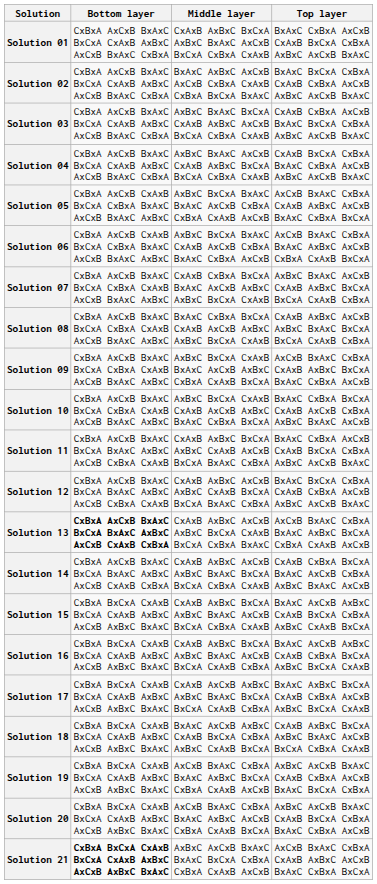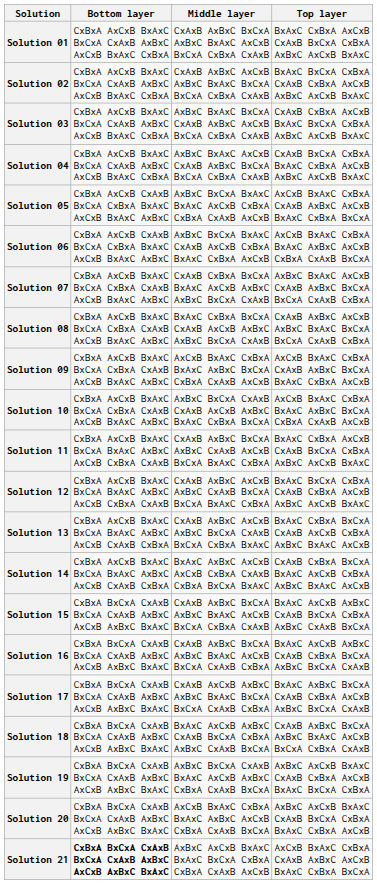 <table class='wikitable' align='center' style="font-family:'Consolas','Inconsolata','Courier New','DejaVu Sans Mono','monospace'">
 <tr>
 <th>Solution</th>
 <th>Bottom layer</th>
 <th>Middle layer</th>
 <th>Top layer</th>
 </tr>
 <tr>
 <th>Solution 01</th>
 <td align="center">CxBxA AxCxB BxAxC<br>BxCxA CxAxB AxBxC<br>AxCxB BxAxC CxBxA</td>
 <td align="center">CxAxB AxBxC BxCxA<br>AxBxC BxAxC AxCxB<br>BxCxA CxBxA CxAxB</td>
 <td align="center">BxAxC CxBxA AxCxB<br>CxAxB BxCxA CxBxA<br>AxBxC AxCxB BxAxC</td>
 </tr>
 <tr>
 <th>Solution 02</th>
 <td align="center">CxBxA AxCxB BxAxC<br>BxCxA CxAxB AxBxC<br>AxCxB BxAxC CxBxA</td>
-<td align="center">BxAxC AxBxC AxCxB<br>AxCxB CxBxA CxAxB<br>CxBxA BxCxA BxAxC</td>
+<td align="center">CxAxB AxBxC AxCxB<br>AxBxC BxAxC BxCxA<br>BxCxA CxBxA CxAxB</td>
 <td align="center">BxAxC BxCxA CxBxA<br>CxAxB CxBxA AxCxB<br>AxBxC AxCxB BxAxC</td>
 </tr>
 <tr>
 <th>Solution 03</th>
 <td align="center">CxBxA AxCxB BxAxC<br>BxCxA CxAxB AxBxC<br>AxCxB BxAxC CxBxA</td>
 <td align="center">AxBxC BxAxC BxCxA<br>CxAxB AxBxC AxCxB<br>BxCxA CxBxA CxAxB</td>
 <td align="center">CxAxB CxBxA AxCxB<br>BxAxC BxCxA CxBxA<br>AxBxC AxCxB BxAxC</td>
 </tr>
 <tr>
 <th>Solution 04</th>
 <td align="center">CxBxA AxCxB BxAxC<br>BxCxA CxAxB AxBxC<br>AxCxB BxAxC CxBxA</td>
 <td align="center">AxBxC BxAxC AxCxB<br>CxAxB AxBxC BxCxA<br>BxCxA CxBxA CxAxB</td>
 <td align="center">CxAxB BxCxA CxBxA<br>BxAxC CxBxA AxCxB<br>AxBxC AxCxB BxAxC</td>
 </tr>
 <tr>
 <th>Solution 05</th>
 <td align="center">CxBxA AxCxB CxAxB<br>BxCxA CxBxA BxAxC<br>AxCxB BxAxC AxBxC</td>
 <td align="center">AxBxC BxCxA BxAxC<br>BxAxC AxCxB CxBxA<br>CxBxA CxAxB AxCxB</td>
 <td align="center">AxCxB BxAxC CxBxA<br>CxAxB AxBxC AxCxB<br>BxAxC CxBxA BxCxA</td>
 </tr>
 <tr>
 <th>Solution 06</th>
 <td align="center">CxBxA AxCxB CxAxB<br>BxCxA CxBxA BxAxC<br>AxCxB BxAxC AxBxC</td>
 <td align="center">AxBxC BxCxA BxAxC<br>CxAxB AxCxB CxBxA<br>BxAxC CxBxA AxCxB</td>
 <td align="center">AxCxB BxAxC CxBxA<br>BxAxC AxBxC AxCxB<br>CxBxA CxAxB BxCxA</td>
 </tr>
 <tr>
 <th>Solution 07</th>
 <td align="center">CxBxA AxCxB BxAxC<br>BxCxA CxBxA CxAxB<br>AxCxB BxAxC AxBxC</td>
 <td align="center">CxAxB CxBxA BxCxA<br>BxAxC AxCxB AxBxC<br>AxBxC BxCxA CxAxB</td>
 <td align="center">AxBxC BxAxC AxCxB<br>CxAxB AxBxC BxCxA<br>BxCxA CxAxB CxBxA</td>
 </tr>
 <tr>
 <th>Solution 08</th>
 <td align="center">CxBxA AxCxB BxAxC<br>BxCxA CxBxA CxAxB<br>AxCxB BxAxC AxBxC</td>
 <td align="center">BxAxC CxBxA BxCxA<br>CxAxB AxCxB AxBxC<br>AxBxC BxCxA CxAxB</td>
 <td align="center">CxAxB AxBxC AxCxB<br>AxBxC BxAxC BxCxA<br>BxCxA CxAxB CxBxA</td>
 </tr>
 <tr>
 <th>Solution 09</th>
 <td align="center">CxBxA AxCxB BxAxC<br>BxCxA CxBxA CxAxB<br>AxCxB BxAxC AxBxC</td>
-<td align="center">AxBxC BxCxA CxAxB<br>BxAxC AxCxB AxBxC<br>CxBxA CxAxB BxCxA</td>
+<td align="center">AxCxB BxAxC CxBxA<br>BxAxC AxBxC BxCxA<br>CxBxA CxAxB AxCxB</td>
 <td align="center">AxCxB BxAxC CxBxA<br>CxAxB AxBxC BxCxA<br>BxAxC CxBxA AxCxB</td>
 </tr>
 <tr>
 <th>Solution 10</th>
 <td align="center">CxBxA AxCxB BxAxC<br>BxCxA CxBxA CxAxB<br>AxCxB BxAxC AxBxC</td>
 <td align="center">AxBxC BxCxA CxAxB<br>CxAxB AxCxB AxBxC<br>BxAxC CxBxA BxCxA</td>
-<td align="center">BxAxC CxBxA BxCxA<br>CxAxB AxCxB CxBxA<br>AxBxC BxAxC AxCxB</td>
+<td align="center">AxCxB BxAxC CxBxA<br>BxAxC AxBxC BxCxA<br>CxBxA CxAxB AxCxB</td>
 </tr>
 <tr>
 <th>Solution 11</th>
 <td align="center">CxBxA AxCxB BxAxC<br>BxCxA BxAxC AxBxC<br>AxCxB CxBxA CxAxB</td>
 <td align="center">CxAxB AxBxC BxCxA<br>AxBxC CxAxB AxCxB<br>BxCxA BxAxC CxBxA</td>
 <td align="center">BxAxC CxBxA AxCxB<br>CxAxB BxCxA CxBxA<br>AxBxC AxCxB BxAxC</td>
 </tr>
 <tr>
 <th>Solution 12</th>
 <td align="center">CxBxA AxCxB BxAxC<br>BxCxA BxAxC AxBxC<br>AxCxB CxBxA CxAxB</td>
 <td align="center">CxAxB AxBxC AxCxB<br>AxBxC CxAxB BxCxA<br>BxCxA BxAxC CxBxA</td>
 <td align="center">BxAxC BxCxA CxBxA<br>CxAxB CxBxA AxCxB<br>AxBxC AxCxB BxAxC</td>
 </tr>
 <tr>
 <th>Solution 13</th>
-<td align="center"><strong>CxBxA AxCxB BxAxC<br>BxCxA BxAxC AxBxC<br>AxCxB CxAxB CxBxA</strong></td>
+<td align="center">CxBxA AxCxB BxAxC<br>BxCxA BxAxC AxBxC<br>AxCxB CxAxB CxBxA</td>
 <td align="center">CxAxB AxBxC AxCxB<br>AxBxC BxCxA CxAxB<br>BxCxA CxBxA BxAxC</td>
-<td align="center">AxCxB BxAxC CxBxA<br>BxAxC AxBxC BxCxA<br>CxBxA CxAxB AxCxB</td>
+<td align="center">BxAxC CxBxA BxCxA<br>CxAxB AxCxB CxBxA<br>AxBxC BxAxC AxCxB</td>
 </tr>
 <tr>
 <th>Solution 14</th>
 <td align="center">CxBxA AxCxB BxAxC<br>BxCxA BxAxC AxBxC<br>AxCxB CxAxB CxBxA</td>
-<td align="center">CxAxB AxBxC AxCxB<br>AxBxC BxAxC BxCxA<br>BxCxA CxBxA CxAxB</td>
+<td align="center">BxAxC AxBxC AxCxB<br>AxCxB CxBxA CxAxB<br>CxBxA BxCxA BxAxC</td>
 <td align="center">CxAxB CxBxA BxCxA<br>BxAxC AxCxB CxBxA<br>AxBxC BxAxC AxCxB</td>
 </tr>
 <tr>
 <th>Solution 15</th>
 <td align="center">CxBxA BxCxA CxAxB<br>BxCxA CxAxB AxBxC<br>AxCxB AxBxC BxAxC</td>
 <td align="center">CxAxB AxBxC BxCxA<br>AxBxC BxAxC AxCxB<br>BxCxA CxBxA CxAxB</td>
 <td align="center">BxAxC AxCxB AxBxC<br>CxAxB BxCxA CxBxA<br>AxBxC CxAxB BxCxA</td>
 </tr>
 <tr>
 <th>Solution 16</th>
 <td align="center">CxBxA BxCxA CxAxB<br>BxCxA CxAxB AxBxC<br>AxCxB AxBxC BxAxC</td>
 <td align="center">CxAxB AxBxC BxCxA<br>AxBxC BxAxC AxCxB<br>BxCxA CxAxB CxBxA</td>
 <td align="center">BxAxC AxCxB AxBxC<br>CxAxB CxBxA BxCxA<br>AxBxC BxCxA CxAxB</td>
 </tr>
 <tr>
 <th>Solution 17</th>
 <td align="center">CxBxA BxCxA CxAxB<br>BxCxA CxAxB AxBxC<br>AxCxB AxBxC BxAxC</td>
 <td align="center">CxAxB AxCxB AxBxC<br>AxBxC BxAxC BxCxA<br>BxCxA CxAxB CxBxA</td>
 <td align="center">BxAxC AxBxC BxCxA<br>CxAxB CxBxA AxCxB<br>AxBxC BxCxA CxAxB</td>
 </tr>
 <tr>
 <th>Solution 18</th>
 <td align="center">CxBxA BxCxA CxAxB<br>BxCxA CxAxB AxBxC<br>AxCxB AxBxC BxAxC</td>
 <td align="center">BxAxC AxCxB AxBxC<br>CxAxB BxCxA CxBxA<br>AxBxC CxAxB BxCxA</td>
 <td align="center">CxAxB AxBxC BxCxA<br>AxBxC BxAxC AxCxB<br>BxCxA CxBxA CxAxB</td>
 </tr>
 <tr>
 <th>Solution 19</th>
 <td align="center">CxBxA BxCxA CxAxB<br>BxCxA CxAxB AxBxC<br>AxCxB AxBxC BxAxC</td>
-<td align="center">AxCxB BxAxC CxBxA<br>BxAxC AxBxC BxCxA<br>CxBxA CxAxB AxCxB</td>
+<td align="center">AxBxC BxCxA CxAxB<br>BxAxC AxCxB AxBxC<br>CxBxA CxAxB BxCxA</td>
 <td align="center">AxBxC AxCxB BxAxC<br>CxAxB CxBxA AxCxB<br>BxAxC BxCxA CxBxA</td>
 </tr>
 <tr>
 <th>Solution 20</th>
 <td align="center">CxBxA BxCxA CxAxB<br>BxCxA CxAxB AxBxC<br>AxCxB AxBxC BxAxC</td>
 <td align="center">AxCxB BxAxC CxBxA<br>BxAxC AxBxC AxCxB<br>CxBxA CxAxB BxCxA</td>
 <td align="center">AxBxC AxCxB BxAxC<br>CxAxB BxCxA CxBxA<br>BxAxC CxBxA AxCxB</td>
 </tr>
 <tr>
 <th>Solution 21</th>
 <td align="center"><strong>CxBxA BxCxA CxAxB<br>BxCxA CxAxB AxBxC<br>AxCxB AxBxC BxAxC</strong></td>
 <td align="center">AxBxC AxCxB BxAxC<br>BxAxC BxCxA CxBxA<br>CxBxA CxAxB AxCxB</td>
 <td align="center">AxCxB BxAxC CxBxA<br>CxAxB AxBxC AxCxB<br>BxAxC CxBxA BxCxA</td>
 </tr>
 </table>
